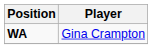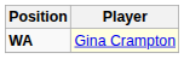 <table class="wikitable collapsible">
 <tr>
 <th>Position</th>
 <th>Player</th>
 </tr>
 <tr>
 <td><strong>WA</strong></td>
-<td><a href='#'>Gina Crampton</a></td>
+<td style="background: lightyellow;"><a href='#'>Gina Crampton</a></td>
 </tr>
 <tr>
 </tr>
 </table>
